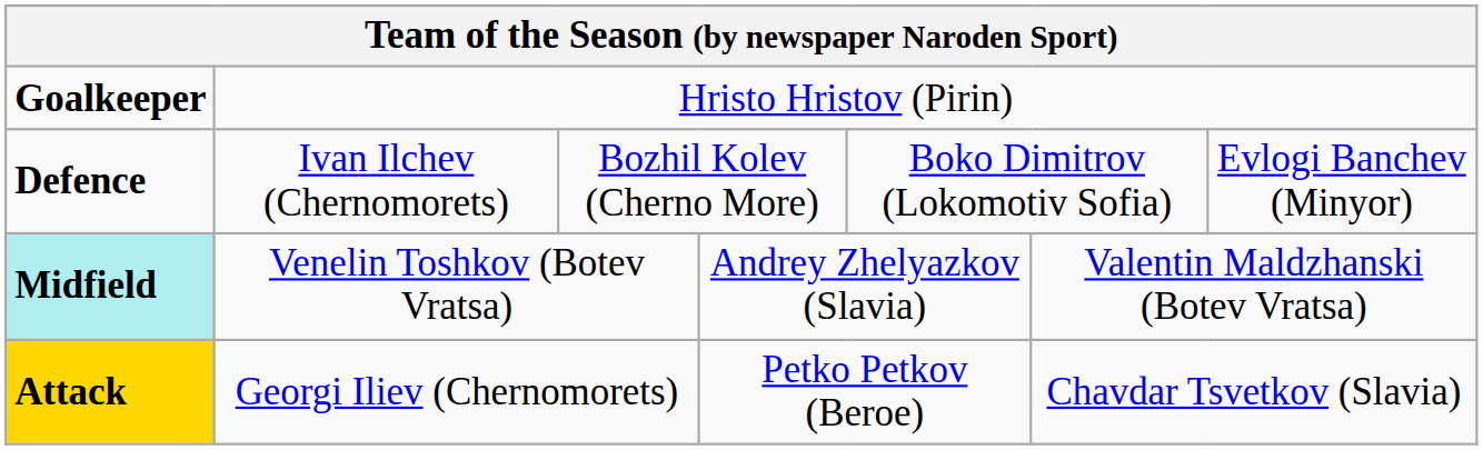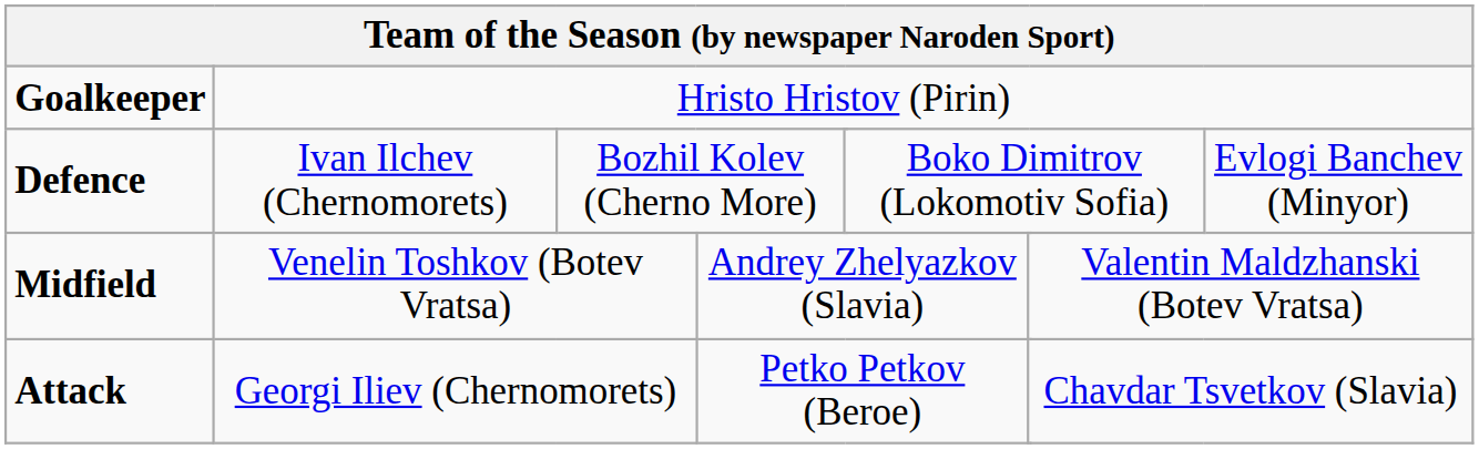 <table class="wikitable">
 <tr>
 <th colspan="13">Team of the Season <small>(by newspaper Naroden Sport)</small></th>
 </tr>
 <tr>
 <td><strong>Goalkeeper</strong></td>
 <td colspan="12" align="center"> <a href='#'>Hristo Hristov</a> (Pirin)</td>
 </tr>
 <tr>
 <td><strong>Defence</strong></td>
 <td colspan="3" align="center"> <a href='#'>Ivan Ilchev</a> (Chernomorets)</td>
 <td colspan="3" align="center"> <a href='#'>Bozhil Kolev</a> (Cherno More)</td>
 <td colspan="3" align="center"> <a href='#'>Boko Dimitrov</a> (Lokomotiv Sofia)</td>
 <td colspan="3" align="center"> <a href='#'>Evlogi Banchev</a> (Minyor)</td>
 </tr>
 <tr>
-<td style="background: paleturquoise;"><strong>Midfield</strong></td>
+<td><strong>Midfield</strong></td>
 <td colspan="4" align="center"> <a href='#'>Venelin Toshkov</a> (Botev Vratsa)</td>
 <td colspan="4" align="center"> <a href='#'>Andrey Zhelyazkov</a> (Slavia)</td>
 <td colspan="4" align="center"> <a href='#'>Valentin Maldzhanski</a> (Botev Vratsa)</td>
 </tr>
 <tr>
-<td style="background: gold;"><strong>Attack</strong></td>
+<td><strong>Attack</strong></td>
 <td colspan="4" align="center"> <a href='#'>Georgi Iliev</a> (Chernomorets)</td>
 <td colspan="4" align="center"> <a href='#'>Petko Petkov</a> (Beroe)</td>
 <td colspan="4" align="center"> <a href='#'>Chavdar Tsvetkov</a> (Slavia)</td>
 </tr>
 </table>
